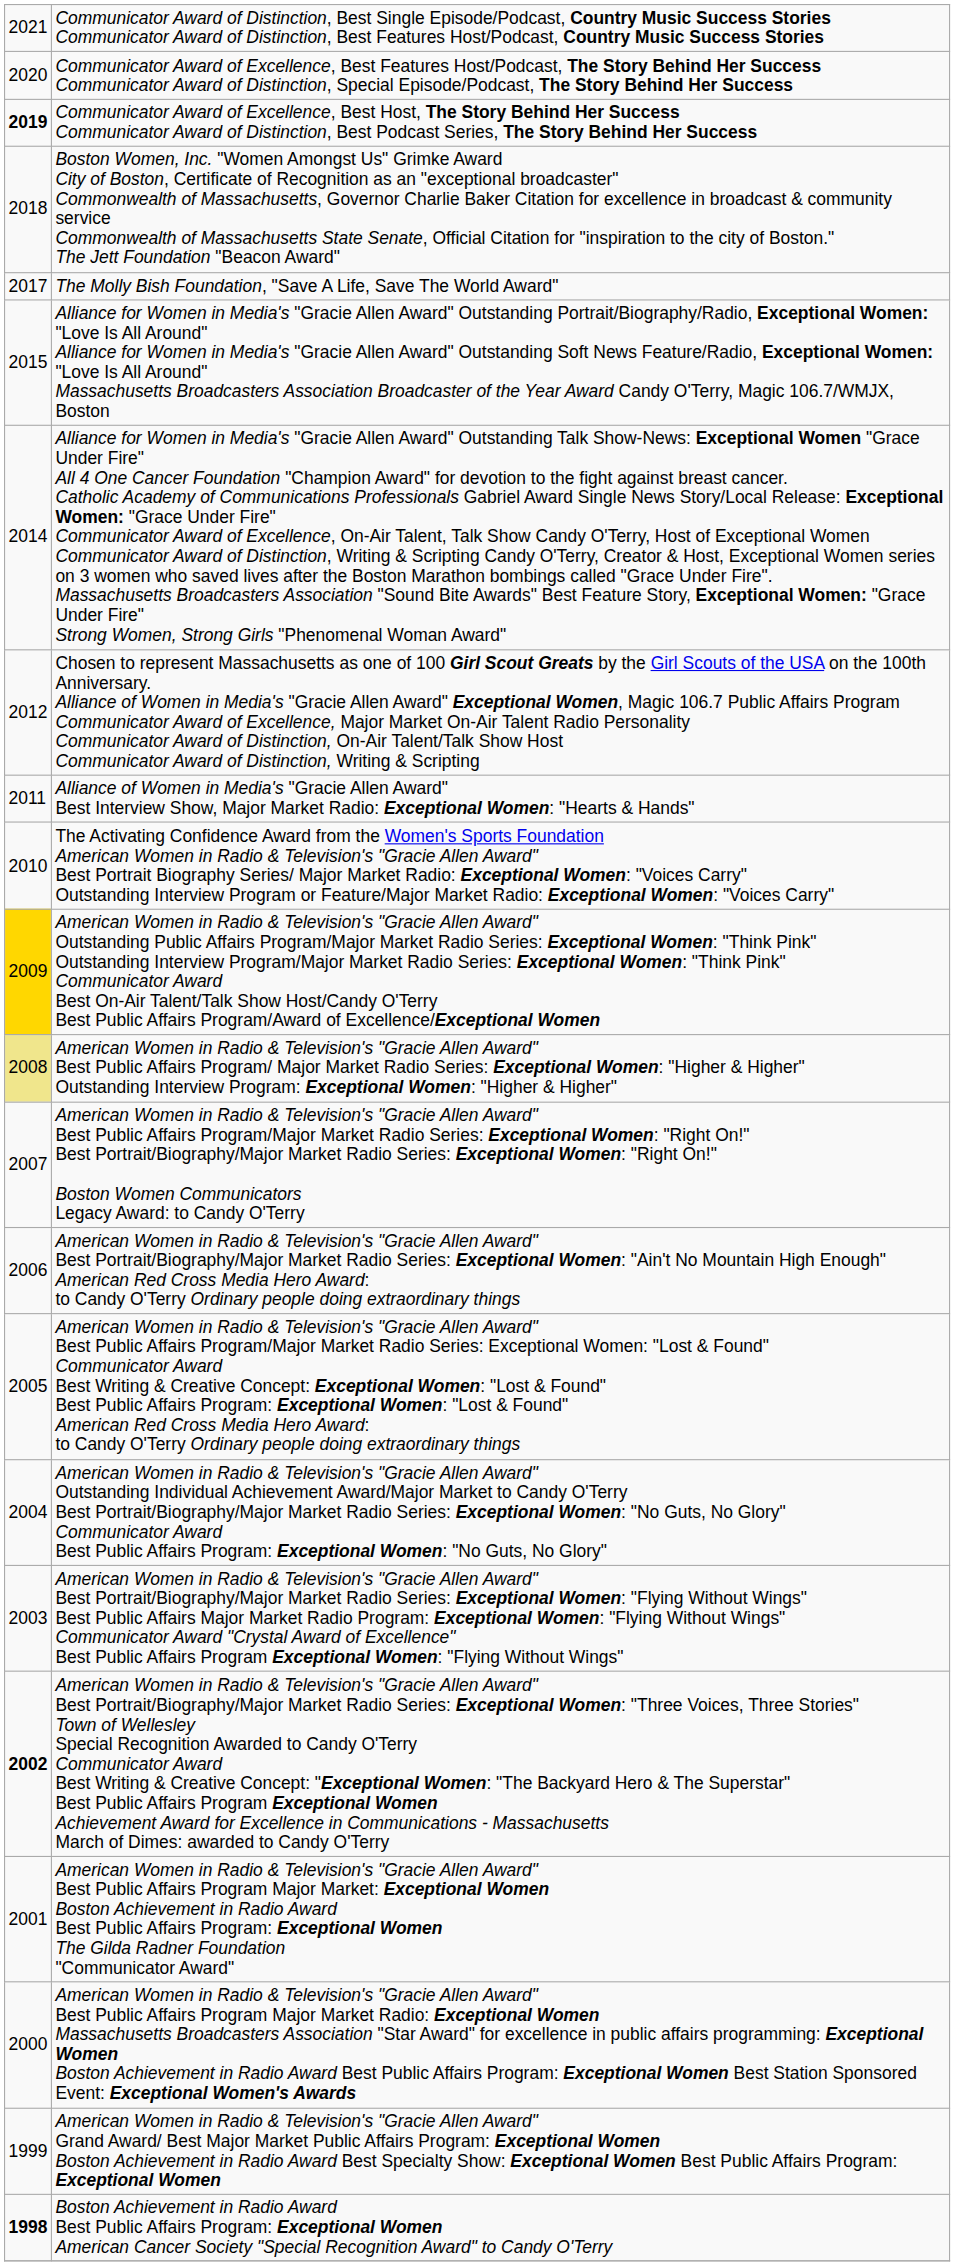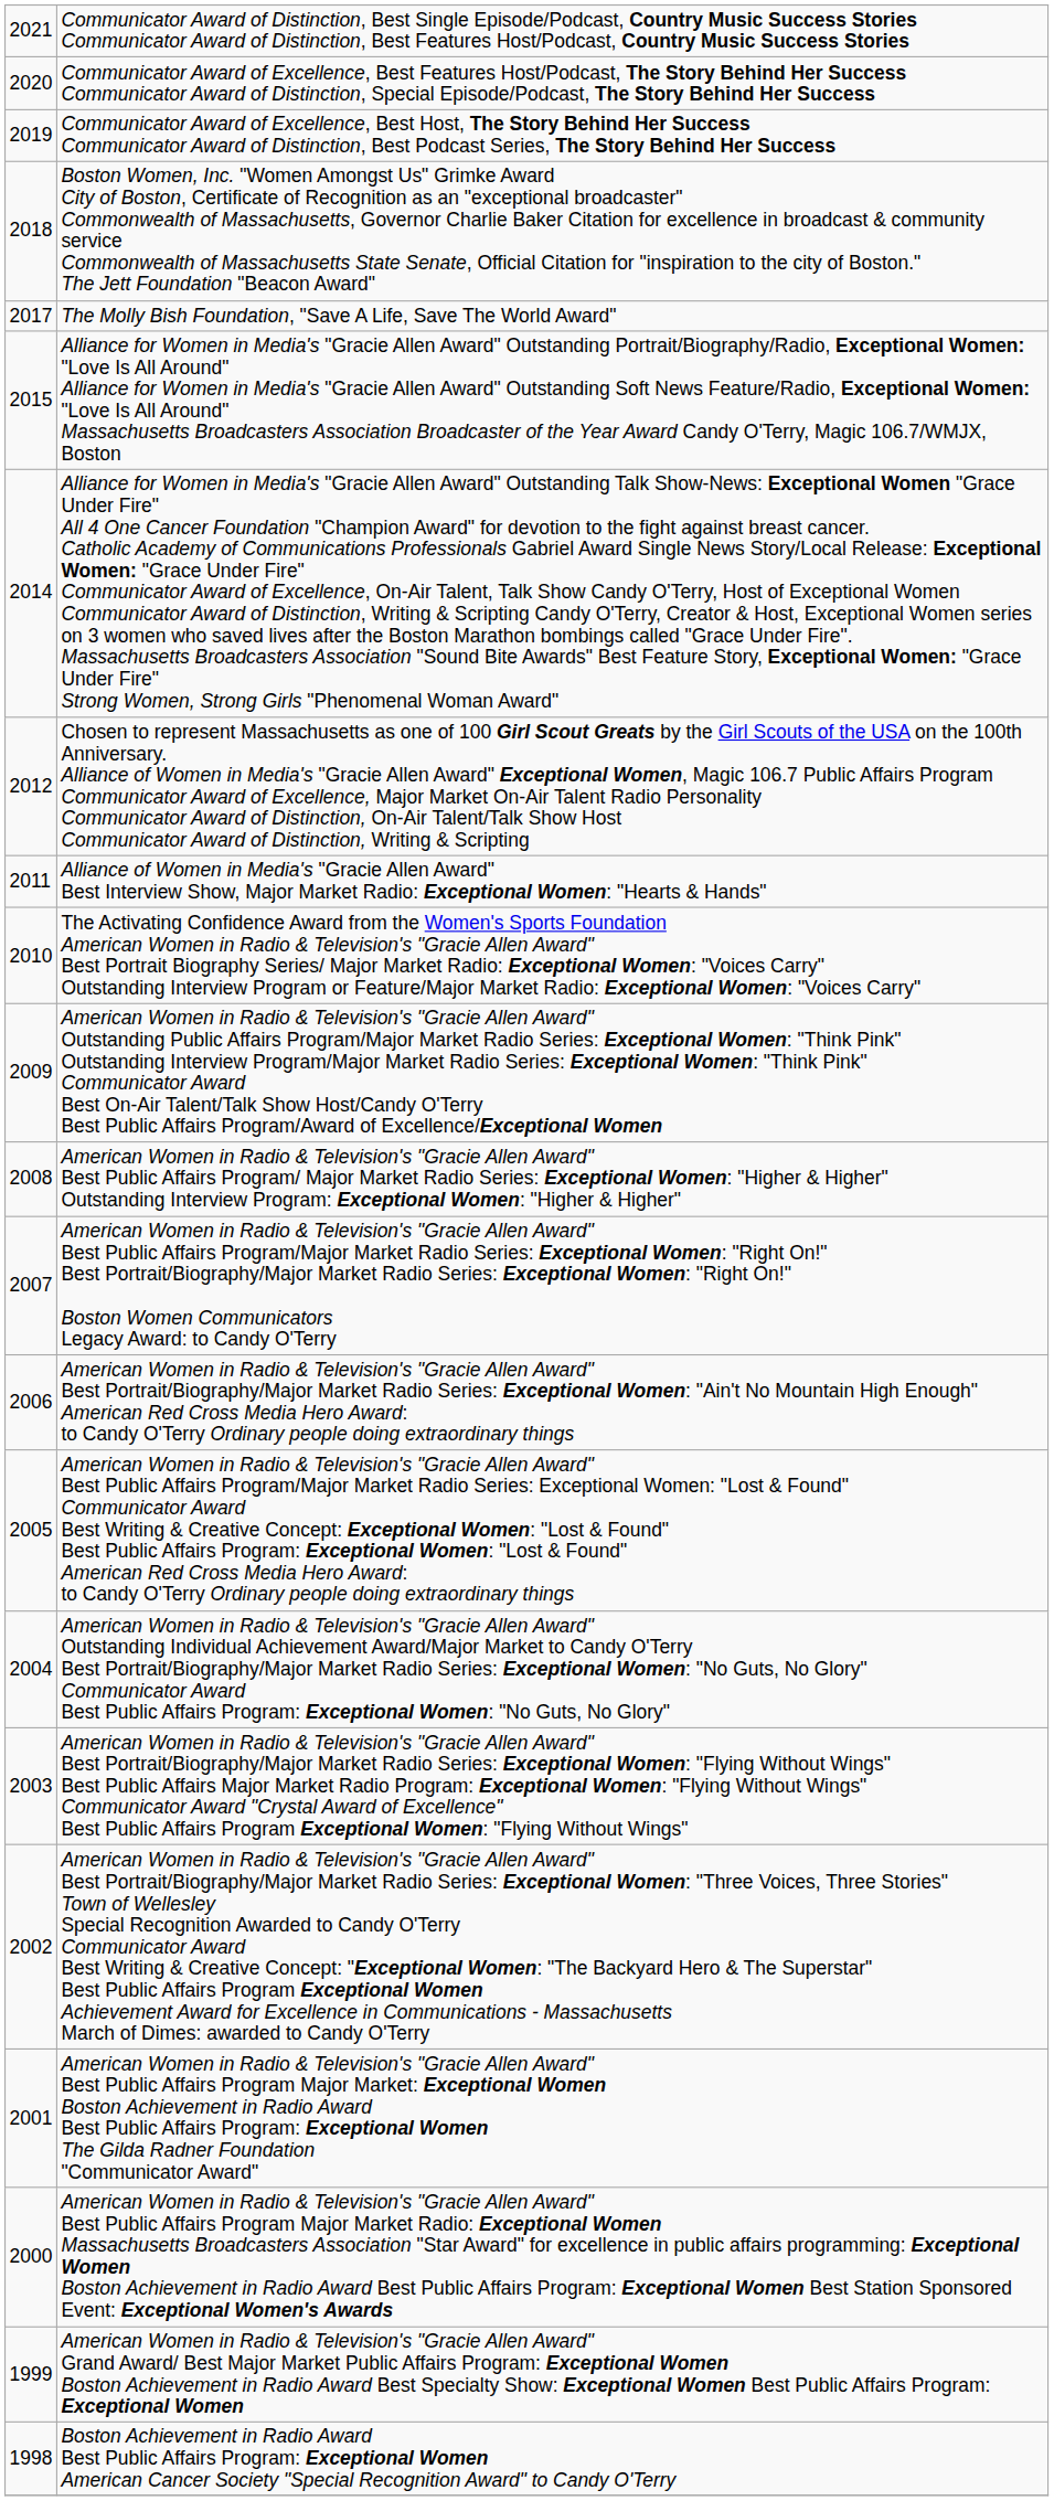 <table class="wikitable">
 <tr>
 <td>2021</td>
 <td><em>Communicator Award of Distinction</em>, Best Single Episode/Podcast, <strong>Country Music Success Stories</strong><br><em>Communicator Award of Distinction</em>, Best Features Host/Podcast, <strong>Country Music Success Stories</strong></td>
 </tr>
 <tr>
 <td>2020</td>
 <td><em>Communicator Award of Excellence</em>, Best Features Host/Podcast, <strong>The Story Behind Her Success</strong><br><em>Communicator Award of Distinction</em>, Special Episode/Podcast, <strong>The Story Behind Her Success</strong></td>
 </tr>
 <tr>
-<td><strong>2019</strong></td>
+<td>2019</td>
 <td><em>Communicator Award of Excellence</em>, Best Host, <strong>The Story Behind Her Success</strong><br><em>Communicator Award of Distinction</em>, Best Podcast Series, <strong>The Story Behind Her Success</strong></td>
 </tr>
 <tr>
 <td>2018</td>
 <td><em>Boston Women, Inc.</em> "Women Amongst Us"  Grimke Award<br><em>City of Boston</em>, Certificate of Recognition as an "exceptional broadcaster"<br><em>Commonwealth of Massachusetts</em>, Governor Charlie Baker Citation for excellence in broadcast & community service<br><em>Commonwealth of Massachusetts State Senate</em>, Official Citation for "inspiration to the city of Boston."<br><em>The Jett Foundation</em> "Beacon Award"</td>
 </tr>
 <tr>
 <td>2017</td>
 <td><em>The Molly Bish Foundation</em>, "Save A Life, Save The World Award"</td>
 </tr>
 <tr>
 <td>2015</td>
 <td><em>Alliance for Women in Media's</em> "Gracie Allen Award" Outstanding Portrait/Biography/Radio, <strong>Exceptional Women:</strong>  "Love Is All Around"<br><em>Alliance for Women in Media's</em> "Gracie Allen Award" Outstanding Soft News Feature/Radio, <strong>Exceptional Women:</strong>  "Love Is All Around"<br><em>Massachusetts Broadcasters Association Broadcaster of the Year Award</em> Candy O'Terry, Magic 106.7/WMJX, Boston</td>
 </tr>
 <tr>
 <td>2014</td>
 <td><em>Alliance for Women in Media's</em> "Gracie Allen Award" Outstanding Talk Show-News:  <strong>Exceptional Women</strong> "Grace Under Fire"<br><em>All 4 One Cancer Foundation</em> "Champion Award" for devotion to the fight against breast cancer.<br><em>Catholic Academy of Communications Professionals</em> Gabriel Award Single News Story/Local Release:  <strong>Exceptional Women:</strong>  "Grace Under Fire"<br><em>Communicator Award of Excellence</em>, On-Air Talent, Talk Show Candy O'Terry, Host of Exceptional Women<br><em>Communicator Award of Distinction</em>, Writing & Scripting Candy O'Terry, Creator & Host, Exceptional Women series on 3 women who saved lives after the Boston Marathon bombings called "Grace Under Fire".<br><em>Massachusetts Broadcasters Association</em> "Sound Bite Awards" Best Feature Story, <strong>Exceptional Women:</strong>  "Grace Under Fire"<br><em>Strong Women, Strong Girls</em> "Phenomenal Woman Award"</td>
 </tr>
 <tr>
 <td>2012</td>
 <td>Chosen to represent Massachusetts as one of 100 <strong><em>Girl Scout Greats</em></strong> by the <a href='#'>Girl Scouts of the USA</a> on the 100th Anniversary.<br><em>Alliance of Women in Media's</em>  "Gracie Allen Award" <strong><em>Exceptional Women</em></strong>,  Magic 106.7 Public Affairs Program<br><em>Communicator Award of Excellence,</em> Major Market On-Air Talent Radio Personality<br><em>Communicator Award of Distinction,</em> On-Air Talent/Talk Show Host<br><em>Communicator Award of Distinction,</em> Writing & Scripting</td>
 </tr>
 <tr>
 <td>2011</td>
 <td><em>Alliance of Women in Media's</em> "Gracie Allen Award"<br>Best Interview Show, Major Market Radio: <strong><em>Exceptional Women</em></strong>: "Hearts & Hands"</td>
 </tr>
 <tr>
 <td>2010</td>
 <td>The Activating Confidence Award from the <a href='#'>Women's Sports Foundation</a><br><em>American Women in Radio & Television's "Gracie Allen Award"</em><br>Best Portrait Biography Series/ Major Market Radio:  <strong><em>Exceptional Women</em></strong>:  "Voices Carry"<br>Outstanding Interview Program or Feature/Major Market Radio:  <strong><em>Exceptional Women</em></strong>:  "Voices Carry"</td>
 </tr>
 <tr>
-<td style="background: gold;">2009</td>
+<td>2009</td>
 <td><em>American Women in Radio & Television's "Gracie Allen Award"</em><br>Outstanding Public Affairs Program/Major Market Radio Series: <strong><em>Exceptional Women</em></strong>: "Think Pink"<br>Outstanding Interview Program/Major Market Radio Series: <strong><em>Exceptional Women</em></strong>: "Think Pink"<br><em>Communicator Award</em><br>Best On-Air Talent/Talk Show Host/Candy O'Terry<br>Best Public Affairs Program/Award of Excellence/<strong><em>Exceptional Women</em></strong></td>
 </tr>
 <tr>
-<td style="background: khaki;">2008</td>
+<td>2008</td>
 <td><em>American Women in Radio & Television's "Gracie Allen Award"</em><br>Best Public Affairs Program/ Major Market Radio Series: <strong><em>Exceptional Women</em></strong>: "Higher & Higher"<br>Outstanding Interview Program: <strong><em>Exceptional Women</em></strong>: "Higher & Higher"</td>
 </tr>
 <tr>
 <td>2007</td>
 <td><em>American Women in Radio & Television's "Gracie Allen Award"</em><br>Best Public Affairs Program/Major Market Radio Series: <strong><em>Exceptional Women</em></strong>: "Right On!"<br>Best Portrait/Biography/Major Market Radio Series: <strong><em>Exceptional Women</em></strong>: "Right On!" <br> <br> <em>Boston Women Communicators</em> <br> Legacy Award:  to Candy O'Terry</td>
 </tr>
 <tr>
 <td>2006</td>
 <td><em>American Women in Radio & Television's "Gracie Allen Award"</em><br>Best Portrait/Biography/Major Market Radio Series: <strong><em>Exceptional Women</em></strong>: "Ain't No Mountain High Enough"<br><em>American Red Cross Media Hero Award</em>: <br> to Candy O'Terry <em>Ordinary people doing extraordinary things</em></td>
 </tr>
 <tr>
 <td>2005</td>
 <td><em>American Women in Radio & Television's "Gracie Allen Award"</em><br>Best Public Affairs Program/Major Market Radio Series: Exceptional Women: "Lost & Found"<br><em>Communicator Award</em><br>Best Writing & Creative Concept: <strong><em>Exceptional Women</em></strong>: "Lost & Found"<br>Best Public Affairs Program:  <strong><em>Exceptional Women</em></strong>: "Lost & Found"<br><em>American Red Cross Media Hero Award</em>:  <br> to Candy O'Terry <em>Ordinary people doing extraordinary things</em></td>
 </tr>
 <tr>
 <td>2004</td>
 <td><em>American Women in Radio & Television's "Gracie Allen Award"</em><br>Outstanding Individual Achievement Award/Major Market to Candy O'Terry<br>Best Portrait/Biography/Major Market Radio Series: <strong><em>Exceptional Women</em></strong>: "No Guts, No Glory"<br><em>Communicator Award</em><br>Best Public Affairs Program:  <strong><em>Exceptional Women</em></strong>: "No Guts, No Glory"</td>
 </tr>
 <tr>
 <td>2003</td>
 <td><em>American Women in Radio & Television's "Gracie Allen Award"</em><br>Best Portrait/Biography/Major Market Radio Series: <strong><em>Exceptional Women</em></strong>: "Flying Without Wings"<br>Best Public Affairs Major Market Radio Program: <strong><em>Exceptional Women</em></strong>: "Flying Without Wings"<br><em>Communicator Award "Crystal Award of Excellence"</em><br>Best Public Affairs Program <strong><em>Exceptional Women</em></strong>: "Flying Without Wings"</td>
 </tr>
 <tr>
-<td><strong>2002</strong></td>
+<td>2002</td>
 <td><em>American Women in Radio & Television's "Gracie Allen Award"</em><br>Best Portrait/Biography/Major Market Radio Series:  <strong><em>Exceptional Women</em></strong>: "Three Voices, Three Stories"<br><em>Town of Wellesley</em><br>Special Recognition Awarded to Candy O'Terry<br><em>Communicator Award</em><br>Best Writing & Creative Concept: "<strong><em>Exceptional Women</em></strong>: "The Backyard Hero & The Superstar"<br>Best Public Affairs Program <strong><em>Exceptional Women</em></strong><br><em>Achievement Award for Excellence in Communications - Massachusetts</em><br>March of Dimes: awarded to Candy O'Terry</td>
 </tr>
 <tr>
 <td>2001</td>
 <td><em>American Women in Radio & Television's "Gracie Allen Award"</em><br>Best Public Affairs Program Major Market:   <strong><em>Exceptional Women</em></strong><br><em>Boston Achievement in Radio Award</em><br>Best Public Affairs Program:  <strong><em>Exceptional Women</em></strong><br><em>The Gilda Radner Foundation</em><br>"Communicator Award"</td>
 </tr>
 <tr>
 <td>2000</td>
 <td><em>American Women in Radio & Television's "Gracie Allen Award"</em><br>Best Public Affairs Program Major Market Radio: <strong><em>Exceptional Women</em></strong><br><em>Massachusetts Broadcasters Association</em> "Star Award" for excellence in public affairs programming: <strong><em>Exceptional Women</em></strong><br><em>Boston Achievement in Radio Award</em> Best Public Affairs Program: <strong><em>Exceptional Women</em></strong> Best Station Sponsored Event: <strong><em>Exceptional Women's Awards</em></strong></td>
 </tr>
 <tr>
 <td>1999</td>
 <td><em>American Women in Radio & Television's "Gracie Allen Award"</em><br>Grand Award/ Best Major Market Public Affairs Program:  <strong><em>Exceptional Women</em></strong><br><em>Boston Achievement in Radio Award</em> Best Specialty Show:  <strong><em>Exceptional Women</em></strong> Best Public Affairs Program:  <strong><em>Exceptional Women</em></strong></td>
 </tr>
 <tr>
-<td><strong>1998</strong></td>
+<td>1998</td>
 <td><em>Boston Achievement in Radio Award</em><br>Best Public Affairs Program: <strong><em>Exceptional Women</em></strong><br><em>American Cancer Society "Special Recognition Award" to Candy O'Terry</em></td>
 </tr>
 <tr>
 </tr>
 </table>
